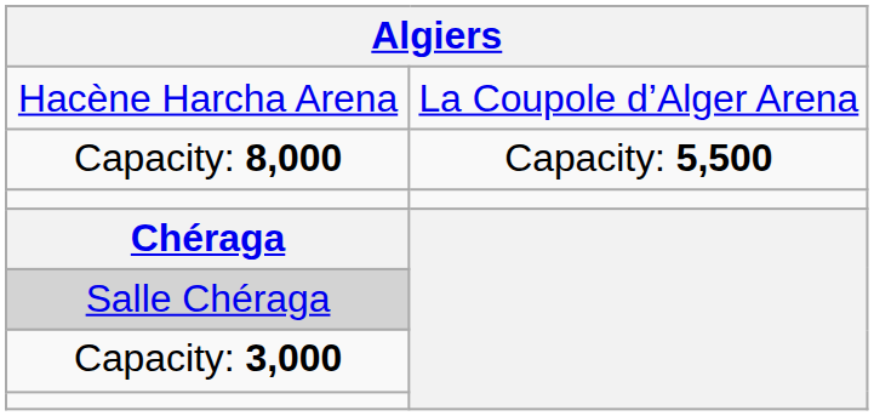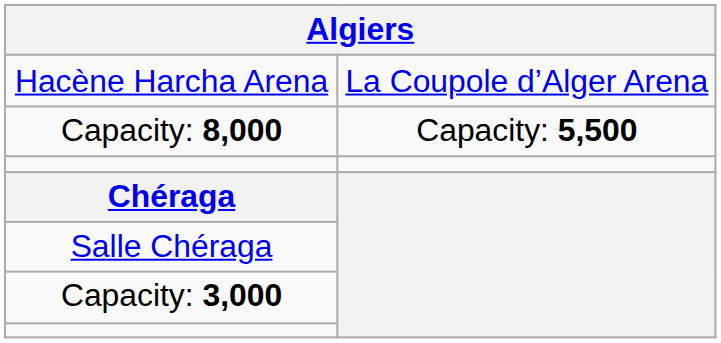 <table class="wikitable" style="text-align:center">
 <tr>
 <th colspan=2><a href='#'>Algiers</a></th>
 </tr>
 <tr>
 <td><a href='#'>Hacène Harcha Arena</a></td>
 <td><a href='#'>La Coupole d’Alger Arena</a></td>
 </tr>
 <tr>
 <td>Capacity: <strong>8,000</strong></td>
 <td>Capacity: <strong>5,500</strong></td>
 </tr>
 <tr>
 <td></td>
 <td></td>
 </tr>
 <tr>
 <th width=160><a href='#'>Chéraga</a></th>
 <th rowspan=8><br></th>
 </tr>
 <tr>
-<td style="background: lightgrey;"><a href='#'>Salle Chéraga</a></td>
+<td><a href='#'>Salle Chéraga</a></td>
 </tr>
 <tr>
 <td>Capacity: <strong>3,000</strong></td>
 </tr>
 <tr>
 <td></td>
 </tr>
 </table>
